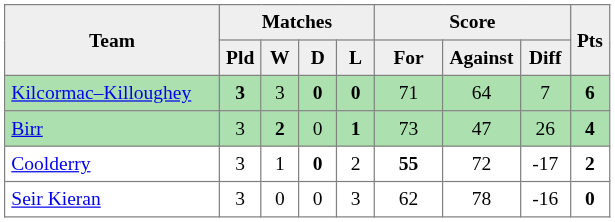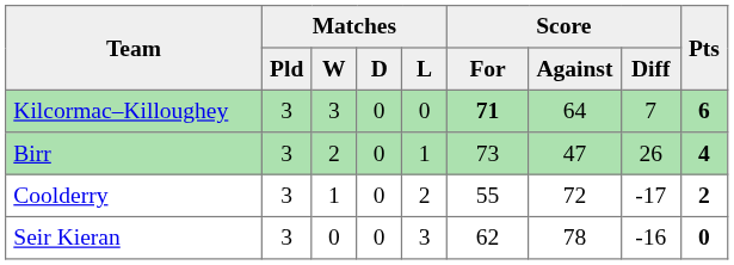 <table style=border-collapse:collapse border=1 cellspacing=0 cellpadding=5>
 <tr align=center bgcolor=#efefef>
 <th rowspan=2 width=165>Team</th>
 <th colspan=4>Matches</th>
 <th colspan=3>Score</th>
 <th rowspan=2width=20>Pts</th>
 </tr>
 <tr align=center bgcolor=#efefef>
 <th width=20>Pld</th>
 <th width=20>W</th>
 <th width=20>D</th>
 <th width=20>L</th>
 <th width=45>For</th>
 <th width=45>Against</th>
 <th width=30>Diff</th>
 </tr>
 <tr align=center style="background:#ACE1AF;">
 <td style="text-align:left;"><a href='#'>Kilcormac–Killoughey</a></td>
-<td><strong>3</strong></td>
 <td>3</td>
-<td><strong>0</strong></td>
-<td><strong>0</strong></td>
-<td>71</td>
+<td>3</td>
+<td>0</td>
+<td>0</td>
+<td><strong>71</strong></td>
 <td>64</td>
 <td>7</td>
 <td><strong>6</strong></td>
 </tr>
 <tr align=center style="background:#ACE1AF;">
 <td style="text-align:left;"><a href='#'>Birr</a></td>
 <td>3</td>
-<td><strong>2</strong></td>
+<td>2</td>
 <td>0</td>
-<td><strong>1</strong></td>
+<td>1</td>
 <td>73</td>
 <td>47</td>
 <td>26</td>
 <td><strong>4</strong></td>
 </tr>
 <tr align=center>
 <td style="text-align:left;"><a href='#'>Coolderry</a></td>
 <td>3</td>
 <td>1</td>
-<td><strong>0</strong></td>
+<td>0</td>
 <td>2</td>
-<td><strong>55</strong></td>
+<td>55</td>
 <td>72</td>
 <td>-17</td>
 <td><strong>2</strong></td>
 </tr>
 <tr align=center>
 <td style="text-align:left;"><a href='#'>Seir Kieran</a></td>
 <td>3</td>
 <td>0</td>
 <td>0</td>
 <td>3</td>
 <td>62</td>
 <td>78</td>
 <td>-16</td>
 <td><strong>0</strong></td>
 </tr>
 </table>
